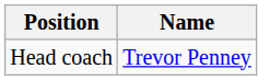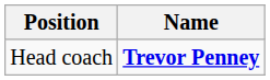 <table class="wikitable">
 <tr>
 <th>Position</th>
 <th>Name</th>
 </tr>
 <tr>
 <td>Head coach</td>
-<td><a href='#'>Trevor Penney</a></td>
+<td><strong><a href='#'>Trevor Penney</a></strong></td>
 </tr>
 </table>
